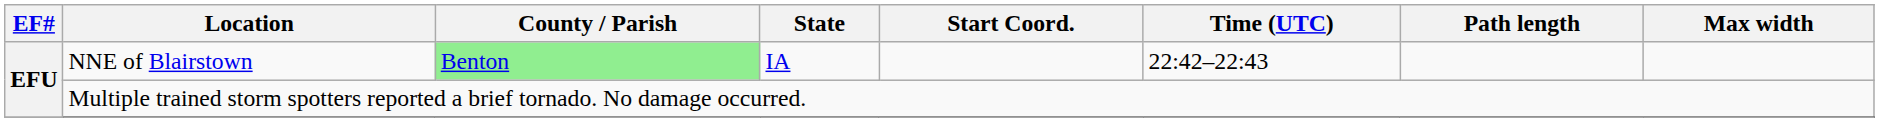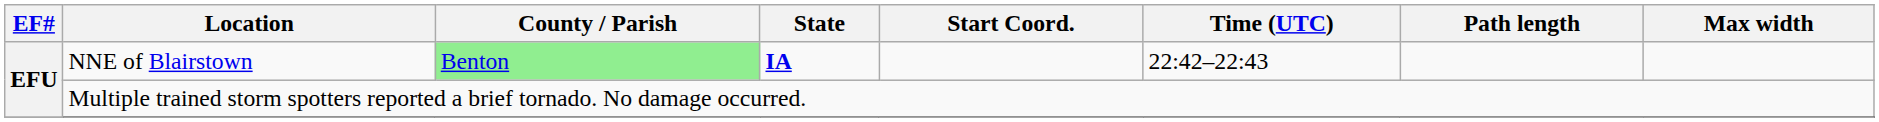 <table class="wikitable sortable" style="width:100%;">
 <tr>
 <th scope="col" width="2%" align="center"><a href='#'>EF#</a></th>
 <th scope="col" align="center" class="unsortable">Location</th>
 <th scope="col" align="center" class="unsortable">County / Parish</th>
 <th scope="col" align="center">State</th>
 <th scope="col" align="center">Start Coord.</th>
 <th scope="col" align="center">Time (<a href='#'>UTC</a>)</th>
 <th scope="col" align="center">Path length</th>
 <th scope="col" align="center">Max width</th>
 </tr>
 <tr>
 <th scope="row" rowspan="2" style="background-color:#">EFU</th>
 <td>NNE of <a href='#'>Blairstown</a></td>
 <td style="background: lightgreen;"><a href='#'>Benton</a></td>
-<td><a href='#'>IA</a></td>
+<td><strong><a href='#'>IA</a></strong></td>
 <td></td>
 <td>22:42–22:43</td>
 <td></td>
 <td></td>
 </tr>
 <tr class="expand-child">
 <td colspan="8" style=" border-bottom: 1px solid black;">Multiple trained storm spotters reported a brief tornado. No damage occurred.</td>
 </tr>
 <tr>
 </tr>
 </table>
